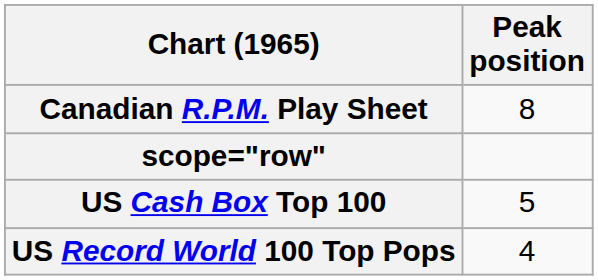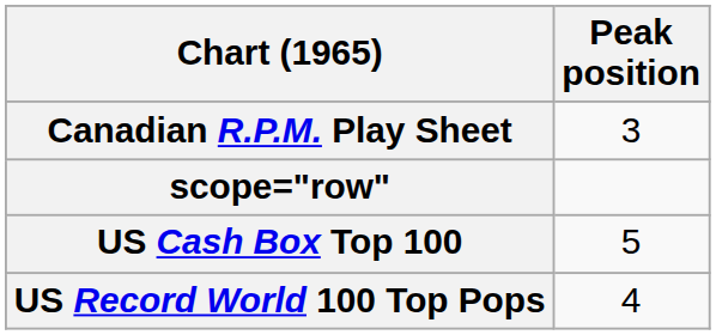 <table class="wikitable plainrowheaders sortable">
 <tr>
 <th scope="col">Chart (1965)</th>
 <th scope="col">Peak<br>position</th>
 </tr>
 <tr>
 <th scope="row">Canadian <em><a href='#'>R.P.M.</a></em> Play Sheet</th>
-<td align="center">8</td>
+<td align="center">3</td>
 </tr>
 <tr>
 <th>scope="row" </th>
 </tr>
 <tr>
 <th scope="row">US <em><a href='#'>Cash Box</a></em> Top 100</th>
 <td align="center">5</td>
 </tr>
 <tr>
 <th scope="row">US <em><a href='#'>Record World</a></em> 100 Top Pops</th>
 <td align="center">4</td>
 </tr>
 </table>
